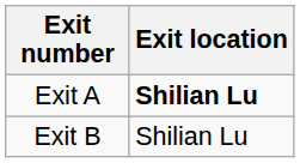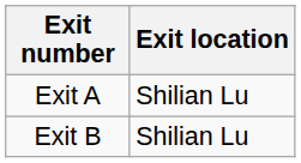 <table class="wikitable">
 <tr>
 <th style="width:70px" colspan="2">Exit number</th>
 <th>Exit location</th>
 </tr>
 <tr>
 <td align="center" colspan="2">Exit A</td>
-<td><strong>Shilian Lu</strong></td>
+<td>Shilian Lu</td>
 </tr>
 <tr>
 <td align="center" colspan="2">Exit B</td>
 <td>Shilian Lu</td>
 </tr>
 </table>
